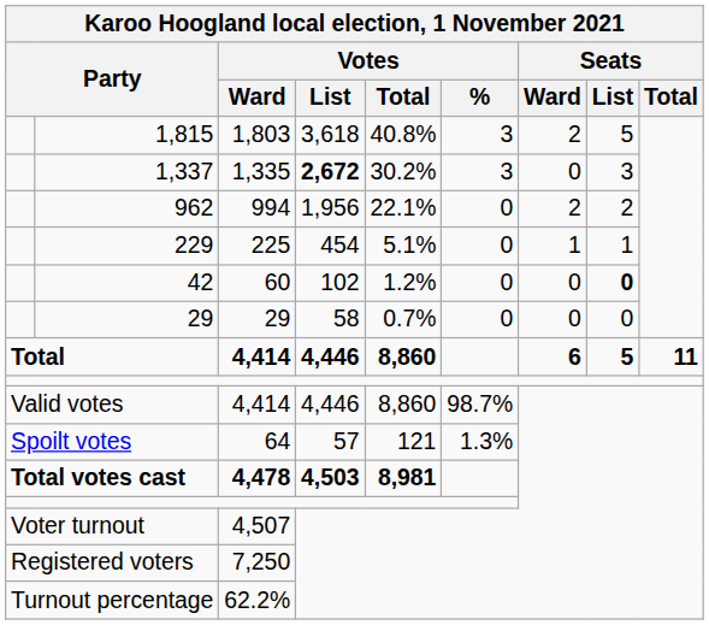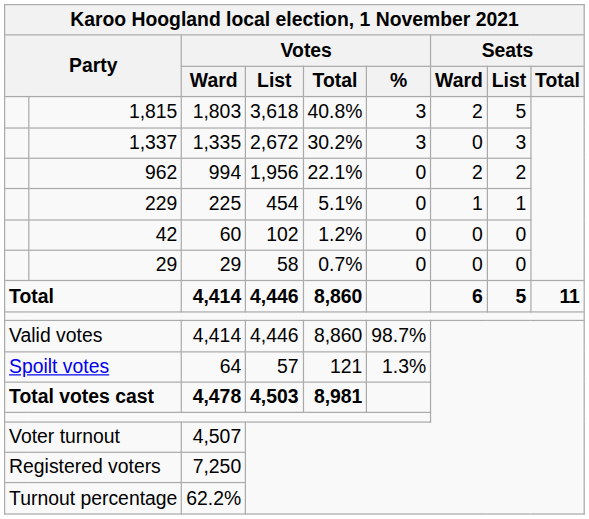 <table class=wikitable style="text-align:right">
 <tr>
 <th colspan="9" align="center">Karoo Hoogland local election, 1 November 2021</th>
 </tr>
 <tr>
 <th rowspan="2" colspan="2">Party</th>
 <th colspan="4" align="center">Votes</th>
 <th colspan="3" align="center">Seats</th>
 </tr>
 <tr>
 <th>Ward</th>
 <th>List</th>
 <th>Total</th>
 <th>%</th>
 <th>Ward</th>
 <th>List</th>
 <th>Total</th>
 </tr>
 <tr>
 <td></td>
 <td>1,815</td>
 <td>1,803</td>
 <td>3,618</td>
 <td>40.8%</td>
 <td>3</td>
 <td>2</td>
 <td>5</td>
 </tr>
 <tr>
 <td></td>
 <td>1,337</td>
 <td>1,335</td>
-<td><strong>2,672</strong></td>
+<td>2,672</td>
 <td>30.2%</td>
 <td>3</td>
 <td>0</td>
 <td>3</td>
 </tr>
 <tr>
 <td></td>
 <td>962</td>
 <td>994</td>
 <td>1,956</td>
 <td>22.1%</td>
 <td>0</td>
 <td>2</td>
 <td>2</td>
 </tr>
 <tr>
 <td></td>
 <td>229</td>
 <td>225</td>
 <td>454</td>
 <td>5.1%</td>
 <td>0</td>
 <td>1</td>
 <td>1</td>
 </tr>
 <tr>
 <td></td>
 <td>42</td>
 <td>60</td>
 <td>102</td>
 <td>1.2%</td>
 <td>0</td>
 <td>0</td>
-<td><strong>0</strong></td>
+<td>0</td>
 </tr>
 <tr>
 <td></td>
 <td>29</td>
 <td>29</td>
 <td>58</td>
 <td>0.7%</td>
 <td>0</td>
 <td>0</td>
 <td>0</td>
 </tr>
 <tr>
 <td colspan="2" style="text-align:left"><strong>Total</strong></td>
 <td><strong>4,414</strong></td>
 <td><strong>4,446</strong></td>
 <td><strong>8,860</strong></td>
 <td></td>
 <td><strong>6</strong></td>
 <td><strong>5</strong></td>
 <td><strong>11</strong></td>
 </tr>
 <tr>
 <td colspan="9"></td>
 </tr>
 <tr>
 <td colspan="2" style="text-align:left">Valid votes</td>
 <td>4,414</td>
 <td>4,446</td>
 <td>8,860</td>
 <td>98.7%</td>
 </tr>
 <tr>
 <td colspan="2" style="text-align:left"><a href='#'>Spoilt votes</a></td>
 <td>64</td>
 <td>57</td>
 <td>121</td>
 <td>1.3%</td>
 </tr>
 <tr>
 <td colspan="2" style="text-align:left"><strong>Total votes cast</strong></td>
 <td><strong>4,478</strong></td>
 <td><strong>4,503</strong></td>
 <td><strong>8,981</strong></td>
 <td></td>
 </tr>
 <tr>
 <td colspan="6"></td>
 </tr>
 <tr>
 <td colspan="2" style="text-align:left">Voter turnout</td>
 <td>4,507</td>
 </tr>
 <tr>
 <td colspan="2" style="text-align:left">Registered voters</td>
 <td>7,250</td>
 </tr>
 <tr>
 <td colspan="2" style="text-align:left">Turnout percentage</td>
 <td>62.2%</td>
 </tr>
 </table>
